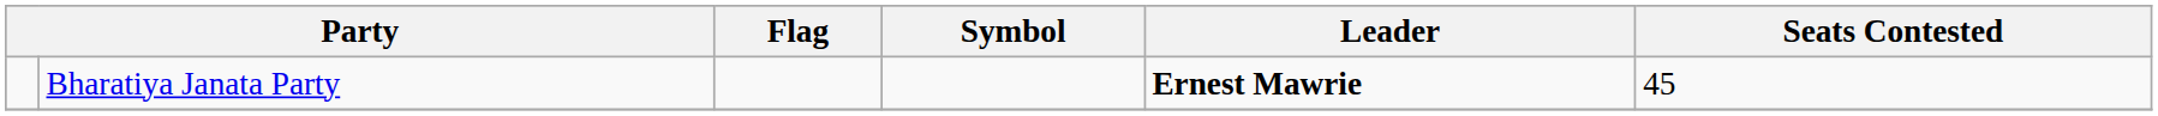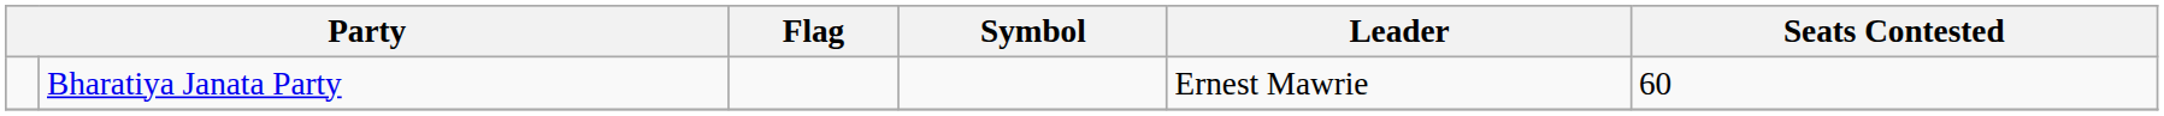 <table class="wikitable"  width="53%">
 <tr>
 <th colspan="2">Party</th>
 <th>Flag</th>
 <th>Symbol</th>
 <th>Leader</th>
 <th>Seats Contested</th>
 </tr>
 <tr>
 <td style="text-align:center; background:"></td>
 <td><a href='#'>Bharatiya Janata Party</a></td>
 <td></td>
 <td></td>
-<td><strong>Ernest Mawrie</strong></td>
-<td>45</td>
+<td>Ernest Mawrie</td>
+<td>60</td>
 </tr>
 <tr>
 </tr>
 </table>
